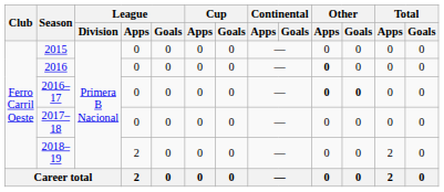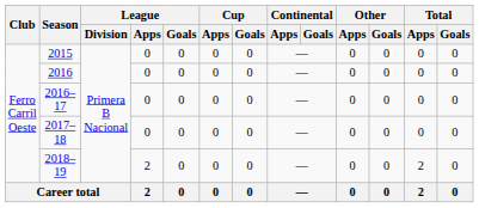 <table class="wikitable" style="text-align:center">
 <tr>
 <th rowspan="2">Club</th>
 <th rowspan="2">Season</th>
 <th colspan="3">League</th>
 <th colspan="2">Cup</th>
 <th colspan="2">Continental</th>
 <th colspan="2">Other</th>
 <th colspan="2">Total</th>
 </tr>
 <tr>
 <th>Division</th>
 <th>Apps</th>
 <th>Goals</th>
 <th>Apps</th>
 <th>Goals</th>
 <th>Apps</th>
 <th>Goals</th>
 <th>Apps</th>
 <th>Goals</th>
 <th>Apps</th>
 <th>Goals</th>
 </tr>
 <tr>
 <td rowspan="5"><a href='#'>Ferro Carril Oeste</a></td>
 <td><a href='#'>2015</a></td>
 <td rowspan="5"><a href='#'>Primera B Nacional</a></td>
 <td>0</td>
 <td>0</td>
 <td>0</td>
 <td>0</td>
 <td colspan="2">—</td>
 <td>0</td>
 <td>0</td>
 <td>0</td>
 <td>0</td>
 </tr>
 <tr>
 <td><a href='#'>2016</a></td>
 <td>0</td>
 <td>0</td>
 <td>0</td>
 <td>0</td>
 <td colspan="2">—</td>
-<td><strong>0</strong></td>
+<td>0</td>
 <td>0</td>
 <td>0</td>
 <td>0</td>
 </tr>
 <tr>
 <td><a href='#'>2016–17</a></td>
 <td>0</td>
 <td>0</td>
 <td>0</td>
 <td>0</td>
 <td colspan="2">—</td>
-<td><strong>0</strong></td>
-<td><strong>0</strong></td>
+<td>0</td>
+<td>0</td>
 <td>0</td>
 <td>0</td>
 </tr>
 <tr>
 <td><a href='#'>2017–18</a></td>
 <td>0</td>
 <td>0</td>
 <td>0</td>
 <td>0</td>
 <td colspan="2">—</td>
 <td>0</td>
 <td>0</td>
 <td>0</td>
 <td>0</td>
 </tr>
 <tr>
 <td><a href='#'>2018–19</a></td>
 <td>2</td>
 <td>0</td>
 <td>0</td>
 <td>0</td>
 <td colspan="2">—</td>
 <td>0</td>
 <td>0</td>
 <td>2</td>
 <td>0</td>
 </tr>
 <tr>
 <th colspan="3">Career total</th>
 <th>2</th>
 <th>0</th>
 <th>0</th>
 <th>0</th>
 <th colspan="2">—</th>
 <th>0</th>
 <th>0</th>
 <th>2</th>
 <th>0</th>
 </tr>
 </table>
